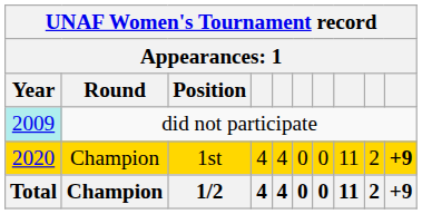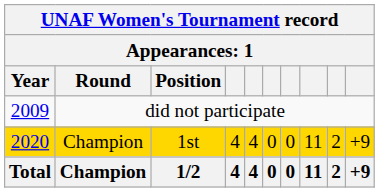 <table class="wikitable" style="text-align: center;">
 <tr>
 <th colspan=10><a href='#'>UNAF Women's Tournament</a> record</th>
 </tr>
 <tr>
 <th colspan=10>Appearances: 1</th>
 </tr>
 <tr>
 <th>Year</th>
 <th>Round</th>
 <th>Position</th>
 <th></th>
 <th></th>
 <th></th>
 <th></th>
 <th></th>
 <th></th>
 <th></th>
 </tr>
 <tr>
-<td style="background: paleturquoise;"> <a href='#'>2009</a></td>
+<td> <a href='#'>2009</a></td>
 <td colspan=9>did not participate</td>
 </tr>
 <tr bgcolor=gold>
 <td> <a href='#'>2020</a></td>
 <td>Champion</td>
 <td>1st</td>
 <td>4</td>
 <td>4</td>
 <td>0</td>
 <td>0</td>
 <td>11</td>
 <td>2</td>
-<td><strong>+9</strong></td>
+<td>+9</td>
 </tr>
 <tr>
 <th>Total</th>
 <th>Champion</th>
 <th>1/2</th>
 <th>4</th>
 <th>4</th>
 <th>0</th>
 <th>0</th>
 <th>11</th>
 <th>2</th>
 <th>+9</th>
 </tr>
 </table>
